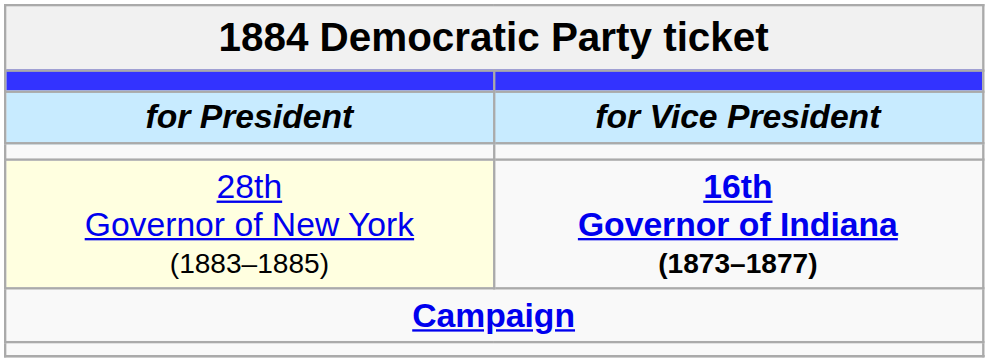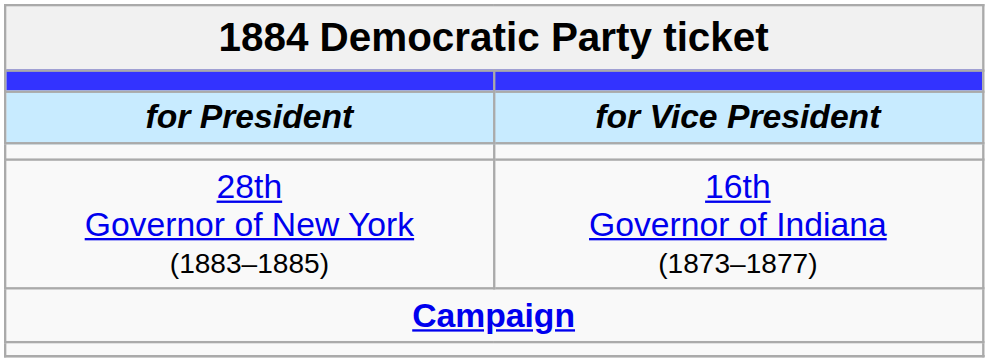 <table class="wikitable" style="font-size:90%; text-align:center;">
 <tr>
 <td style="background:#f1f1f1;" colspan="30"><big><strong>1884 Democratic Party ticket</strong></big></td>
 </tr>
 <tr>
 <th style="width:3em; font-size:135%; background:#3333FF; width:200px;"><a href='#'></a></th>
 <th style="width:3em; font-size:135%; background:#3333FF; width:200px;"><a href='#'></a></th>
 </tr>
 <tr>
 <td style="width:3em; font-size:100%; color:#000; background:#C8EBFF; width:200px;"><strong><em>for President</em></strong></td>
 <td style="width:3em; font-size:100%; color:#000; background:#C8EBFF; width:200px;"><strong><em>for Vice President</em></strong></td>
 </tr>
 <tr>
 <td></td>
 <td></td>
 </tr>
 <tr>
-<td style="background: lightyellow;"><a href='#'>28th</a><br><a href='#'>Governor of New York</a><br><small>(1883–1885)</small></td>
-<td><strong><a href='#'>16th</a><br><a href='#'>Governor of Indiana</a><br><small>(1873–1877)</small></strong></td>
+<td><a href='#'>28th</a><br><a href='#'>Governor of New York</a><br><small>(1883–1885)</small></td>
+<td><a href='#'>16th</a><br><a href='#'>Governor of Indiana</a><br><small>(1873–1877)</small></td>
 </tr>
 <tr>
 <td colspan=2><a href='#'><strong>Campaign</strong></a></td>
 </tr>
 <tr>
 <td colspan=2></td>
 </tr>
 <tr>
 </tr>
 </table>
